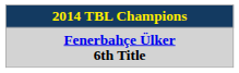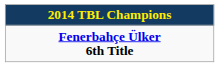 <table class="wikitable" style="margin: 0 auto; width: 20%;">
 <tr>
 <th style="background:#133A61 ; color:#FFED00">2014 TBL Champions</th>
 </tr>
 <tr>
-<td align=center style="background: lightgrey;"><strong><a href='#'>Fenerbahçe Ülker</a></strong><br><strong>6th Title</strong> <br></td>
+<td align=center><strong><a href='#'>Fenerbahçe Ülker</a></strong><br><strong>6th Title</strong> <br></td>
 </tr>
 </table>
